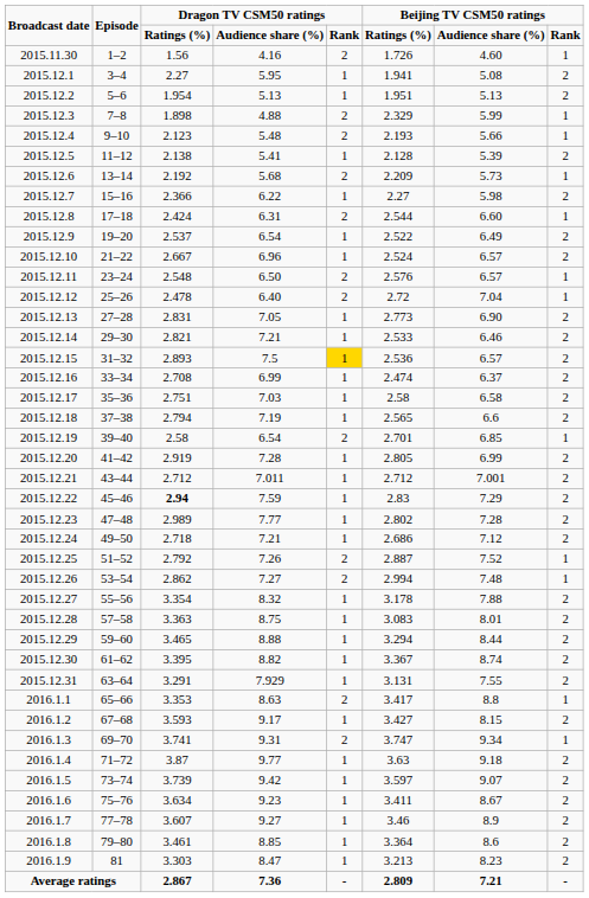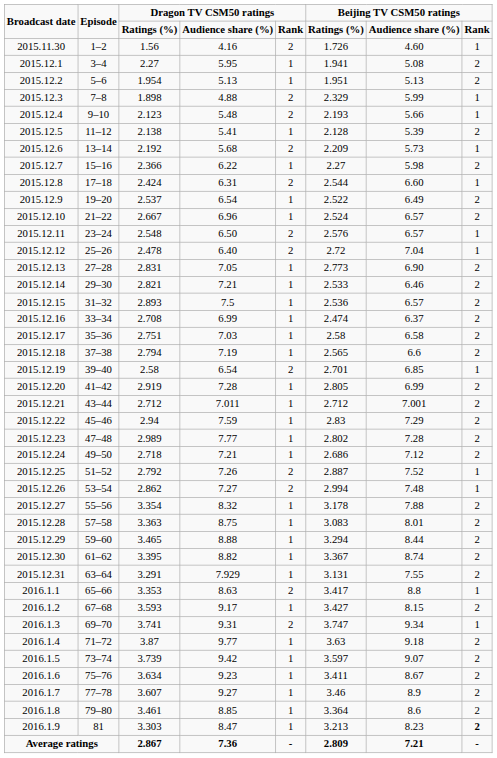 <table class="wikitable sortable mw-collapsible jquery-tablesorter" style="text-align:center">
 <tr>
 <td rowspan="2"><strong>Broadcast date</strong></td>
 <td rowspan="2"><strong>Episode</strong></td>
 <td colspan="3"><strong>Dragon TV CSM50 ratings</strong></td>
 <td colspan="3"><strong>Beijing TV CSM50 ratings</strong></td>
 </tr>
 <tr>
 <td><strong>Ratings (%)</strong></td>
 <td><strong>Audience share (%)</strong></td>
 <td><strong>Rank</strong></td>
 <td><strong>Ratings (%)</strong></td>
 <td><strong>Audience share (%)</strong></td>
 <td><strong>Rank</strong></td>
 </tr>
 <tr>
 <td>2015.11.30</td>
 <td>1–2</td>
 <td>1.56</td>
 <td>4.16</td>
 <td>2</td>
 <td>1.726</td>
 <td>4.60</td>
 <td>1</td>
 </tr>
 <tr>
 <td>2015.12.1</td>
 <td>3–4</td>
 <td>2.27</td>
 <td>5.95</td>
 <td>1</td>
 <td>1.941</td>
 <td>5.08</td>
 <td>2</td>
 </tr>
 <tr>
 <td>2015.12.2</td>
 <td>5–6</td>
 <td>1.954</td>
 <td>5.13</td>
 <td>1</td>
 <td>1.951</td>
 <td>5.13</td>
 <td>2</td>
 </tr>
 <tr>
 <td>2015.12.3</td>
 <td>7–8</td>
 <td>1.898</td>
 <td>4.88</td>
 <td>2</td>
 <td>2.329</td>
 <td>5.99</td>
 <td>1</td>
 </tr>
 <tr>
 <td>2015.12.4</td>
 <td>9–10</td>
 <td>2.123</td>
 <td>5.48</td>
 <td>2</td>
 <td>2.193</td>
 <td>5.66</td>
 <td>1</td>
 </tr>
 <tr>
 <td>2015.12.5</td>
 <td>11–12</td>
 <td>2.138</td>
 <td>5.41</td>
 <td>1</td>
 <td>2.128</td>
 <td>5.39</td>
 <td>2</td>
 </tr>
 <tr>
 <td>2015.12.6</td>
 <td>13–14</td>
 <td>2.192</td>
 <td>5.68</td>
 <td>2</td>
 <td>2.209</td>
 <td>5.73</td>
 <td>1</td>
 </tr>
 <tr>
 <td>2015.12.7</td>
 <td>15–16</td>
 <td>2.366</td>
 <td>6.22</td>
 <td>1</td>
 <td>2.27</td>
 <td>5.98</td>
 <td>2</td>
 </tr>
 <tr>
 <td>2015.12.8</td>
 <td>17–18</td>
 <td>2.424</td>
 <td>6.31</td>
 <td>2</td>
 <td>2.544</td>
 <td>6.60</td>
 <td>1</td>
 </tr>
 <tr>
 <td>2015.12.9</td>
 <td>19–20</td>
 <td>2.537</td>
 <td>6.54</td>
 <td>1</td>
 <td>2.522</td>
 <td>6.49</td>
 <td>2</td>
 </tr>
 <tr>
 <td>2015.12.10</td>
 <td>21–22</td>
 <td>2.667</td>
 <td>6.96</td>
 <td>1</td>
 <td>2.524</td>
 <td>6.57</td>
 <td>2</td>
 </tr>
 <tr>
 <td>2015.12.11</td>
 <td>23–24</td>
 <td>2.548</td>
 <td>6.50</td>
 <td>2</td>
 <td>2.576</td>
 <td>6.57</td>
 <td>1</td>
 </tr>
 <tr>
 <td>2015.12.12</td>
 <td>25–26</td>
 <td>2.478</td>
 <td>6.40</td>
 <td>2</td>
 <td>2.72</td>
 <td>7.04</td>
 <td>1</td>
 </tr>
 <tr>
 <td>2015.12.13</td>
 <td>27–28</td>
 <td>2.831</td>
 <td>7.05</td>
 <td>1</td>
 <td>2.773</td>
 <td>6.90</td>
 <td>2</td>
 </tr>
 <tr>
 <td>2015.12.14</td>
 <td>29–30</td>
 <td>2.821</td>
 <td>7.21</td>
 <td>1</td>
 <td>2.533</td>
 <td>6.46</td>
 <td>2</td>
 </tr>
 <tr>
 <td>2015.12.15</td>
 <td>31–32</td>
 <td>2.893</td>
 <td>7.5</td>
-<td style="background: gold;">1</td>
+<td>1</td>
 <td>2.536</td>
 <td>6.57</td>
 <td>2</td>
 </tr>
 <tr>
 <td>2015.12.16</td>
 <td>33–34</td>
 <td>2.708</td>
 <td>6.99</td>
 <td>1</td>
 <td>2.474</td>
 <td>6.37</td>
 <td>2</td>
 </tr>
 <tr>
 <td>2015.12.17</td>
 <td>35–36</td>
 <td>2.751</td>
 <td>7.03</td>
 <td>1</td>
 <td>2.58</td>
 <td>6.58</td>
 <td>2</td>
 </tr>
 <tr>
 <td>2015.12.18</td>
 <td>37–38</td>
 <td>2.794</td>
 <td>7.19</td>
 <td>1</td>
 <td>2.565</td>
 <td>6.6</td>
 <td>2</td>
 </tr>
 <tr>
 <td>2015.12.19</td>
 <td>39–40</td>
 <td>2.58</td>
 <td>6.54</td>
 <td>2</td>
 <td>2.701</td>
 <td>6.85</td>
 <td>1</td>
 </tr>
 <tr>
 <td>2015.12.20</td>
 <td>41–42</td>
 <td>2.919</td>
 <td>7.28</td>
 <td>1</td>
 <td>2.805</td>
 <td>6.99</td>
 <td>2</td>
 </tr>
 <tr>
 <td>2015.12.21</td>
 <td>43–44</td>
 <td>2.712</td>
 <td>7.011</td>
 <td>1</td>
 <td>2.712</td>
 <td>7.001</td>
 <td>2</td>
 </tr>
 <tr>
 <td>2015.12.22</td>
 <td>45–46</td>
-<td><strong>2.94</strong></td>
+<td>2.94</td>
 <td>7.59</td>
 <td>1</td>
 <td>2.83</td>
 <td>7.29</td>
 <td>2</td>
 </tr>
 <tr>
 <td>2015.12.23</td>
 <td>47–48</td>
 <td>2.989</td>
 <td>7.77</td>
 <td>1</td>
 <td>2.802</td>
 <td>7.28</td>
 <td>2</td>
 </tr>
 <tr>
 <td>2015.12.24</td>
 <td>49–50</td>
 <td>2.718</td>
 <td>7.21</td>
 <td>1</td>
 <td>2.686</td>
 <td>7.12</td>
 <td>2</td>
 </tr>
 <tr>
 <td>2015.12.25</td>
 <td>51–52</td>
 <td>2.792</td>
 <td>7.26</td>
 <td>2</td>
 <td>2.887</td>
 <td>7.52</td>
 <td>1</td>
 </tr>
 <tr>
 <td>2015.12.26</td>
 <td>53–54</td>
 <td>2.862</td>
 <td>7.27</td>
 <td>2</td>
 <td>2.994</td>
 <td>7.48</td>
 <td>1</td>
 </tr>
 <tr>
 <td>2015.12.27</td>
 <td>55–56</td>
 <td>3.354</td>
 <td>8.32</td>
 <td>1</td>
 <td>3.178</td>
 <td>7.88</td>
 <td>2</td>
 </tr>
 <tr>
 <td>2015.12.28</td>
 <td>57–58</td>
 <td>3.363</td>
 <td>8.75</td>
 <td>1</td>
 <td>3.083</td>
 <td>8.01</td>
 <td>2</td>
 </tr>
 <tr>
 <td>2015.12.29</td>
 <td>59–60</td>
 <td>3.465</td>
 <td>8.88</td>
 <td>1</td>
 <td>3.294</td>
 <td>8.44</td>
 <td>2</td>
 </tr>
 <tr>
 <td>2015.12.30</td>
 <td>61–62</td>
 <td>3.395</td>
 <td>8.82</td>
 <td>1</td>
 <td>3.367</td>
 <td>8.74</td>
 <td>2</td>
 </tr>
 <tr>
 <td>2015.12.31</td>
 <td>63–64</td>
 <td>3.291</td>
 <td>7.929</td>
 <td>1</td>
 <td>3.131</td>
 <td>7.55</td>
 <td>2</td>
 </tr>
 <tr>
 <td>2016.1.1</td>
 <td>65–66</td>
 <td>3.353</td>
 <td>8.63</td>
 <td>2</td>
 <td>3.417</td>
 <td>8.8</td>
 <td>1</td>
 </tr>
 <tr>
 <td>2016.1.2</td>
 <td>67–68</td>
 <td>3.593</td>
 <td>9.17</td>
 <td>1</td>
 <td>3.427</td>
 <td>8.15</td>
 <td>2</td>
 </tr>
 <tr>
 <td>2016.1.3</td>
 <td>69–70</td>
 <td>3.741</td>
 <td>9.31</td>
 <td>2</td>
 <td>3.747</td>
 <td>9.34</td>
 <td>1</td>
 </tr>
 <tr>
 <td>2016.1.4</td>
 <td>71–72</td>
 <td>3.87</td>
 <td>9.77</td>
 <td>1</td>
 <td>3.63</td>
 <td>9.18</td>
 <td>2</td>
 </tr>
 <tr>
 <td>2016.1.5</td>
 <td>73–74</td>
 <td>3.739</td>
 <td>9.42</td>
 <td>1</td>
 <td>3.597</td>
 <td>9.07</td>
 <td>2</td>
 </tr>
 <tr>
 <td>2016.1.6</td>
 <td>75–76</td>
 <td>3.634</td>
 <td>9.23</td>
 <td>1</td>
 <td>3.411</td>
 <td>8.67</td>
 <td>2</td>
 </tr>
 <tr>
 <td>2016.1.7</td>
 <td>77–78</td>
 <td>3.607</td>
 <td>9.27</td>
 <td>1</td>
 <td>3.46</td>
 <td>8.9</td>
 <td>2</td>
 </tr>
 <tr>
 <td>2016.1.8</td>
 <td>79–80</td>
 <td>3.461</td>
 <td>8.85</td>
 <td>1</td>
 <td>3.364</td>
 <td>8.6</td>
 <td>2</td>
 </tr>
 <tr>
 <td>2016.1.9</td>
 <td>81</td>
 <td>3.303</td>
 <td>8.47</td>
 <td>1</td>
 <td>3.213</td>
 <td>8.23</td>
-<td>2</td>
+<td><strong>2</strong></td>
 </tr>
 <tr>
 <td colspan="2"><strong>Average ratings</strong></td>
 <td><strong>2.867</strong></td>
 <td><strong>7.36</strong></td>
 <td><strong>-</strong></td>
 <td><strong>2.809</strong></td>
 <td><strong>7.21</strong></td>
 <td><strong>-</strong></td>
 </tr>
 </table>
